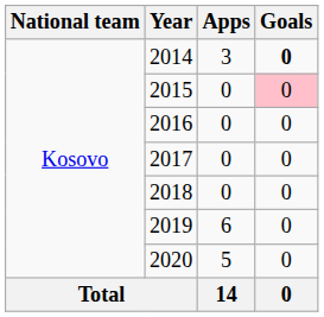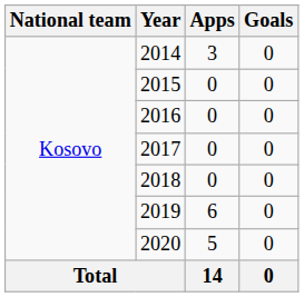 <table class="wikitable" style="text-align:center">
 <tr>
 <th>National team</th>
 <th>Year</th>
 <th>Apps</th>
 <th>Goals</th>
 </tr>
 <tr>
 <td rowspan="7"><a href='#'>Kosovo</a></td>
 <td>2014</td>
 <td>3</td>
-<td><strong>0</strong></td>
+<td>0</td>
 </tr>
 <tr>
 <td>2015</td>
 <td>0</td>
-<td style="background: pink;">0</td>
+<td>0</td>
 </tr>
 <tr>
 <td>2016</td>
 <td>0</td>
 <td>0</td>
 </tr>
 <tr>
 <td>2017</td>
 <td>0</td>
 <td>0</td>
 </tr>
 <tr>
 <td>2018</td>
 <td>0</td>
 <td>0</td>
 </tr>
 <tr>
 <td>2019</td>
 <td>6</td>
 <td>0</td>
 </tr>
 <tr>
 <td>2020</td>
 <td>5</td>
 <td>0</td>
 </tr>
 <tr>
 <th colspan="2">Total</th>
 <th>14</th>
 <th>0</th>
 </tr>
 </table>
